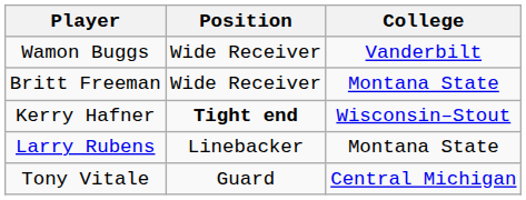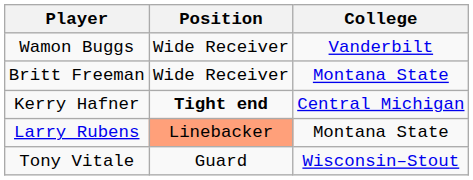 <table class="wikitable" style="text-align:center;">
 <tr>
 <th>Player</th>
 <th>Position</th>
 <th>College</th>
 </tr>
 <tr>
 <td>Wamon Buggs</td>
 <td>Wide Receiver</td>
 <td><a href='#'>Vanderbilt</a></td>
 </tr>
 <tr>
 <td>Britt Freeman</td>
 <td>Wide Receiver</td>
 <td><a href='#'>Montana State</a></td>
 </tr>
 <tr>
 <td>Kerry Hafner</td>
 <td><strong>Tight end</strong></td>
-<td><a href='#'>Wisconsin–Stout</a></td>
+<td><a href='#'>Central Michigan</a></td>
 </tr>
 <tr>
 <td><a href='#'>Larry Rubens</a></td>
-<td>Linebacker</td>
+<td style="background: lightsalmon;">Linebacker</td>
 <td>Montana State</td>
 </tr>
 <tr>
 <td>Tony Vitale</td>
 <td>Guard</td>
-<td><a href='#'>Central Michigan</a></td>
+<td><a href='#'>Wisconsin–Stout</a></td>
 </tr>
 </table>
